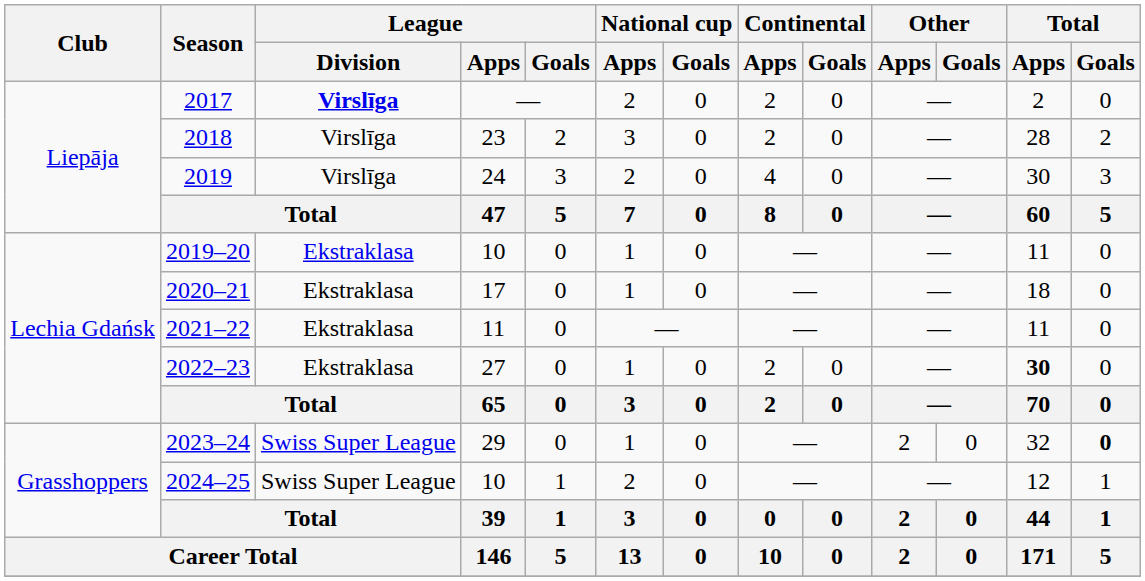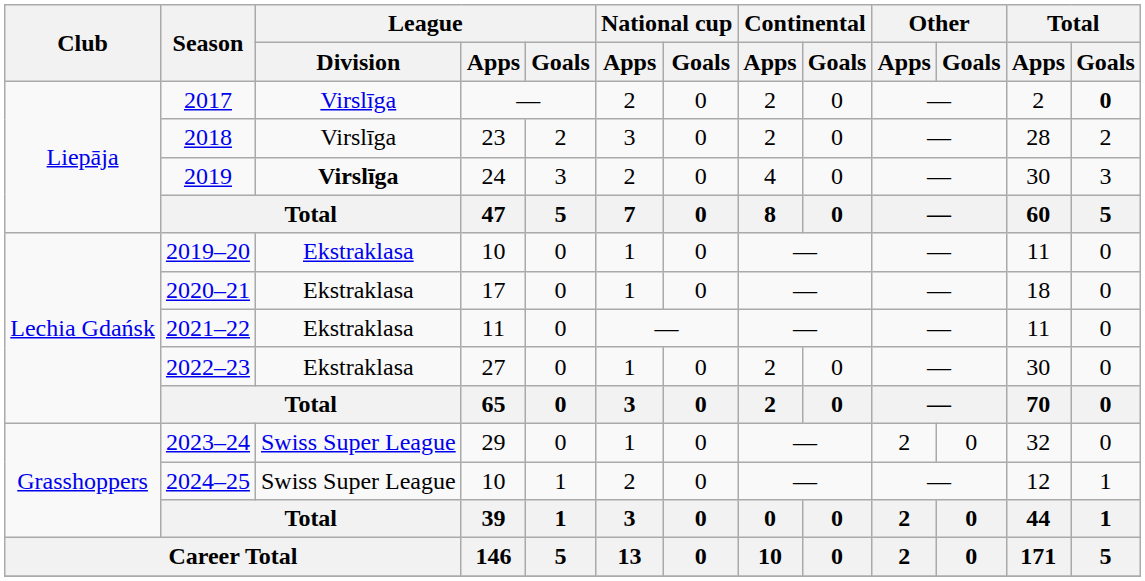 <table class=wikitable style=text-align:center>
 <tr>
 <th rowspan=2>Club</th>
 <th rowspan=2>Season</th>
 <th colspan=3>League</th>
 <th colspan=2>National cup</th>
 <th colspan=2>Continental</th>
 <th colspan=2>Other</th>
 <th colspan=2>Total</th>
 </tr>
 <tr>
 <th>Division</th>
 <th>Apps</th>
 <th>Goals</th>
 <th>Apps</th>
 <th>Goals</th>
 <th>Apps</th>
 <th>Goals</th>
 <th>Apps</th>
 <th>Goals</th>
 <th>Apps</th>
 <th>Goals</th>
 </tr>
 <tr>
 <td rowspan=4><a href='#'>Liepāja</a></td>
 <td><a href='#'>2017</a></td>
-<td><strong><a href='#'>Virslīga</a></strong></td>
+<td><a href='#'>Virslīga</a></td>
 <td colspan=2>—</td>
 <td>2</td>
 <td>0</td>
 <td>2</td>
 <td>0</td>
 <td colspan=2>—</td>
 <td>2</td>
-<td>0</td>
+<td><strong>0</strong></td>
 </tr>
 <tr>
 <td><a href='#'>2018</a></td>
 <td>Virslīga</td>
 <td>23</td>
 <td>2</td>
 <td>3</td>
 <td>0</td>
 <td>2</td>
 <td>0</td>
 <td colspan=2>—</td>
 <td>28</td>
 <td>2</td>
 </tr>
 <tr>
 <td><a href='#'>2019</a></td>
-<td>Virslīga</td>
+<td><strong>Virslīga</strong></td>
 <td>24</td>
 <td>3</td>
 <td>2</td>
 <td>0</td>
 <td>4</td>
 <td>0</td>
 <td colspan=2>—</td>
 <td>30</td>
 <td>3</td>
 </tr>
 <tr>
 <th colspan=2>Total</th>
 <th>47</th>
 <th>5</th>
 <th>7</th>
 <th>0</th>
 <th>8</th>
 <th>0</th>
 <th colspan=2>—</th>
 <th>60</th>
 <th>5</th>
 </tr>
 <tr>
 <td rowspan=5><a href='#'>Lechia Gdańsk</a></td>
 <td><a href='#'>2019–20</a></td>
 <td><a href='#'>Ekstraklasa</a></td>
 <td>10</td>
 <td>0</td>
 <td>1</td>
 <td>0</td>
 <td colspan=2>—</td>
 <td colspan=2>—</td>
 <td>11</td>
 <td>0</td>
 </tr>
 <tr>
 <td><a href='#'>2020–21</a></td>
 <td>Ekstraklasa</td>
 <td>17</td>
 <td>0</td>
 <td>1</td>
 <td>0</td>
 <td colspan=2>—</td>
 <td colspan=2>—</td>
 <td>18</td>
 <td>0</td>
 </tr>
 <tr>
 <td><a href='#'>2021–22</a></td>
 <td>Ekstraklasa</td>
 <td>11</td>
 <td>0</td>
 <td colspan=2>—</td>
 <td colspan=2>—</td>
 <td colspan=2>—</td>
 <td>11</td>
 <td>0</td>
 </tr>
 <tr>
 <td><a href='#'>2022–23</a></td>
 <td>Ekstraklasa</td>
 <td>27</td>
 <td>0</td>
 <td>1</td>
 <td>0</td>
 <td>2</td>
 <td>0</td>
 <td colspan=2>—</td>
-<td><strong>30</strong></td>
+<td>30</td>
 <td>0</td>
 </tr>
 <tr>
 <th colspan=2>Total</th>
 <th>65</th>
 <th>0</th>
 <th>3</th>
 <th>0</th>
 <th>2</th>
 <th>0</th>
 <th colspan=2>—</th>
 <th>70</th>
 <th>0</th>
 </tr>
 <tr>
 <td rowspan=3><a href='#'>Grasshoppers</a></td>
 <td><a href='#'>2023–24</a></td>
 <td><a href='#'>Swiss Super League</a></td>
 <td>29</td>
 <td>0</td>
 <td>1</td>
 <td>0</td>
 <td colspan=2>—</td>
 <td>2</td>
 <td>0</td>
 <td>32</td>
-<td><strong>0</strong></td>
+<td>0</td>
 </tr>
 <tr>
 <td><a href='#'>2024–25</a></td>
 <td>Swiss Super League</td>
 <td>10</td>
 <td>1</td>
 <td>2</td>
 <td>0</td>
 <td colspan=2>—</td>
 <td colspan=2>—</td>
 <td>12</td>
 <td>1</td>
 </tr>
 <tr>
 <th colspan=2>Total</th>
 <th>39</th>
 <th>1</th>
 <th>3</th>
 <th>0</th>
 <th>0</th>
 <th>0</th>
 <th>2</th>
 <th>0</th>
 <th>44</th>
 <th>1</th>
 </tr>
 <tr>
 <th colspan=3>Career Total</th>
 <th>146</th>
 <th>5</th>
 <th>13</th>
 <th>0</th>
 <th>10</th>
 <th>0</th>
 <th>2</th>
 <th>0</th>
 <th>171</th>
 <th>5</th>
 </tr>
 <tr>
 </tr>
 </table>
